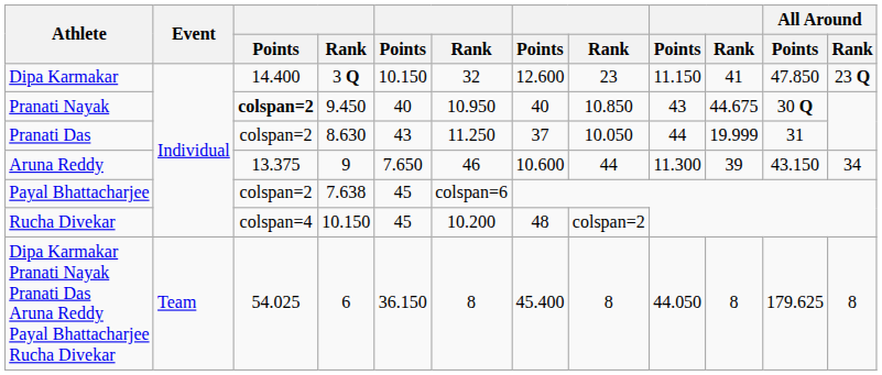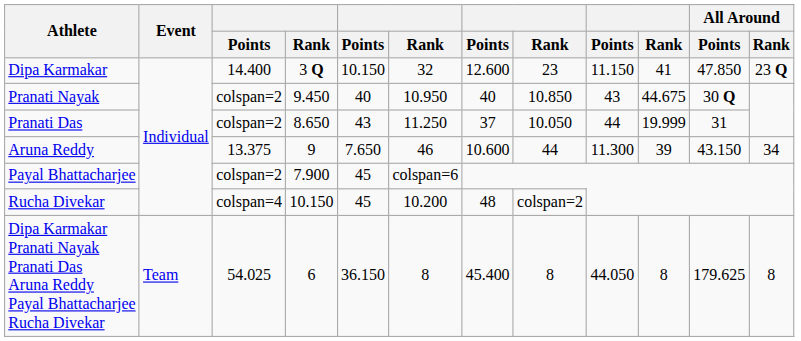 <table class="wikitable" style="text-align:center; font-size:90%">
 <tr>
 <th rowspan=2>Athlete</th>
 <th rowspan=2>Event</th>
 <th colspan=2></th>
 <th colspan=2></th>
 <th colspan=2></th>
 <th colspan=2></th>
 <th colspan=2>All Around</th>
 </tr>
 <tr>
 <th>Points</th>
 <th>Rank</th>
 <th>Points</th>
 <th>Rank</th>
 <th>Points</th>
 <th>Rank</th>
 <th>Points</th>
 <th>Rank</th>
 <th>Points</th>
 <th>Rank</th>
 </tr>
 <tr>
 <td align=left><a href='#'>Dipa Karmakar</a></td>
 <td align=left rowspan=6><a href='#'>Individual</a></td>
 <td>14.400</td>
 <td>3 <strong>Q</strong></td>
 <td>10.150</td>
 <td>32</td>
 <td>12.600</td>
 <td>23</td>
 <td>11.150</td>
 <td>41</td>
 <td>47.850</td>
 <td>23 <strong>Q</strong></td>
 </tr>
 <tr>
 <td align=left><a href='#'>Pranati Nayak</a></td>
-<td><strong>colspan=2 </strong></td>
+<td>colspan=2 </td>
 <td>9.450</td>
 <td>40</td>
 <td>10.950</td>
 <td>40</td>
 <td>10.850</td>
 <td>43</td>
 <td>44.675</td>
 <td>30 <strong>Q</strong></td>
 </tr>
 <tr>
 <td align=left><a href='#'>Pranati Das</a></td>
 <td>colspan=2 </td>
-<td>8.630</td>
+<td>8.650</td>
 <td>43</td>
 <td>11.250</td>
 <td>37</td>
 <td>10.050</td>
 <td>44</td>
 <td>19.999</td>
 <td>31</td>
 </tr>
 <tr>
 <td align=left><a href='#'>Aruna Reddy</a></td>
 <td>13.375</td>
 <td>9</td>
 <td>7.650</td>
 <td>46</td>
 <td>10.600</td>
 <td>44</td>
 <td>11.300</td>
 <td>39</td>
 <td>43.150</td>
 <td>34</td>
 </tr>
 <tr>
 <td align=left><a href='#'>Payal Bhattacharjee</a></td>
 <td>colspan=2 </td>
-<td>7.638</td>
+<td>7.900</td>
 <td>45</td>
 <td>colspan=6 </td>
 </tr>
 <tr>
 <td align=left><a href='#'>Rucha Divekar</a></td>
 <td>colspan=4 </td>
 <td>10.150</td>
 <td>45</td>
 <td>10.200</td>
 <td>48</td>
 <td>colspan=2 </td>
 </tr>
 <tr>
 <td align=left><a href='#'>Dipa Karmakar</a><br><a href='#'>Pranati Nayak</a><br><a href='#'>Pranati Das</a><br><a href='#'>Aruna Reddy</a><br><a href='#'>Payal Bhattacharjee</a><br><a href='#'>Rucha Divekar</a></td>
 <td align=left><a href='#'>Team</a></td>
 <td>54.025</td>
 <td>6</td>
 <td>36.150</td>
 <td>8</td>
 <td>45.400</td>
 <td>8</td>
 <td>44.050</td>
 <td>8</td>
 <td>179.625</td>
 <td>8</td>
 </tr>
 </table>
